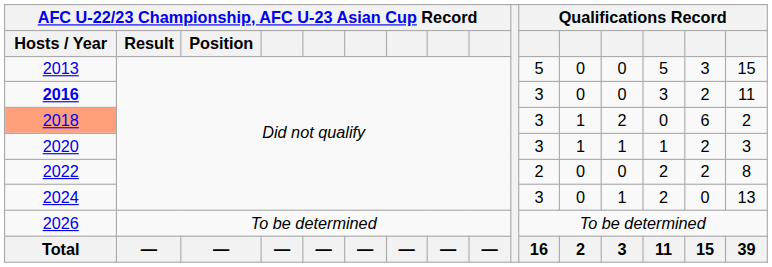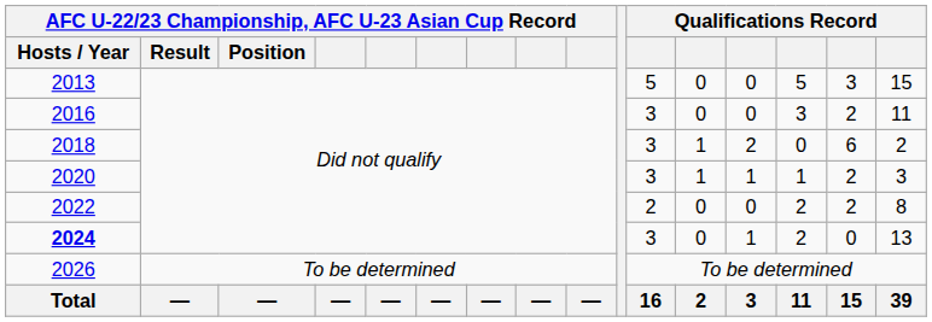 <table class="wikitable" style="text-align: center;font-size:90%;">
 <tr>
 <th colspan=9><a href='#'>AFC U-22/23 Championship, AFC U-23 Asian Cup</a> Record</th>
 <th width=1% rowspan=22></th>
 <th colspan=6>Qualifications Record</th>
 </tr>
 <tr>
 <th>Hosts / Year</th>
 <th>Result</th>
 <th>Position</th>
 <th width=30></th>
 <th width=30></th>
 <th width=30></th>
 <th width=30></th>
 <th width=30></th>
 <th width=30></th>
 <th width=30></th>
 <th width=30></th>
 <th width=30></th>
 <th width=30></th>
 <th width=30></th>
 <th width=30></th>
 </tr>
 <tr>
 <td> <a href='#'>2013</a></td>
 <td colspan=8 rowspan=6><em>Did not qualify</em></td>
 <td>5</td>
 <td>0</td>
 <td>0</td>
 <td>5</td>
 <td>3</td>
 <td>15</td>
 </tr>
 <tr>
-<td><strong> <a href='#'>2016</a></strong></td>
+<td> <a href='#'>2016</a></td>
 <td>3</td>
 <td>0</td>
 <td>0</td>
 <td>3</td>
 <td>2</td>
 <td>11</td>
 </tr>
 <tr>
-<td style="background: lightsalmon;"> <a href='#'>2018</a></td>
+<td> <a href='#'>2018</a></td>
 <td>3</td>
 <td>1</td>
 <td>2</td>
 <td>0</td>
 <td>6</td>
 <td>2</td>
 </tr>
 <tr>
 <td> <a href='#'>2020</a></td>
 <td>3</td>
 <td>1</td>
 <td>1</td>
 <td>1</td>
 <td>2</td>
 <td>3</td>
 </tr>
 <tr>
 <td> <a href='#'>2022</a></td>
 <td>2</td>
 <td>0</td>
 <td>0</td>
 <td>2</td>
 <td>2</td>
 <td>8</td>
 </tr>
 <tr>
-<td> <a href='#'>2024</a></td>
+<td><strong> <a href='#'>2024</a></strong></td>
 <td>3</td>
 <td>0</td>
 <td>1</td>
 <td>2</td>
 <td>0</td>
 <td>13</td>
 </tr>
 <tr>
 <td> <a href='#'>2026</a></td>
 <td colspan=8><em>To be determined</em></td>
 <td colspan=6><em>To be determined</em></td>
 </tr>
 <tr>
 <th><strong>Total</strong></th>
 <th>—</th>
 <th>—</th>
 <th>—</th>
 <th>—</th>
 <th>—</th>
 <th>—</th>
 <th>—</th>
 <th>—</th>
 <th>16</th>
 <th>2</th>
 <th>3</th>
 <th>11</th>
 <th>15</th>
 <th>39</th>
 </tr>
 </table>
